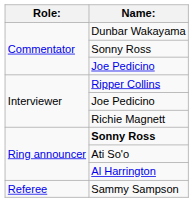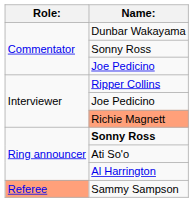 <table class=wikitable style="font-size:90%; margin: 0.5em 0 0.5em 1em; float: right; clear: right;">
 <tr>
 <th>Role:</th>
 <th>Name:</th>
 </tr>
 <tr>
 <td rowspan=3><a href='#'>Commentator</a></td>
 <td>Dunbar Wakayama</td>
 </tr>
 <tr>
 <td>Sonny Ross</td>
 </tr>
 <tr>
 <td><a href='#'>Joe Pedicino</a> </td>
 </tr>
 <tr>
 <td rowspan=3>Interviewer</td>
 <td><a href='#'>Ripper Collins</a></td>
 </tr>
 <tr>
 <td>Joe Pedicino</td>
 </tr>
 <tr>
-<td>Richie Magnett</td>
+<td style="background: lightsalmon;">Richie Magnett</td>
 </tr>
 <tr>
 <td rowspan=3><a href='#'>Ring announcer</a></td>
 <td><strong>Sonny Ross</strong></td>
 </tr>
 <tr>
 <td>Ati So'o</td>
 </tr>
 <tr>
 <td><a href='#'>Al Harrington</a> </td>
 </tr>
 <tr>
-<td rowspan=1><a href='#'>Referee</a></td>
+<td rowspan=1 style="background: lightsalmon;"><a href='#'>Referee</a></td>
 <td>Sammy Sampson</td>
 </tr>
 </table>
